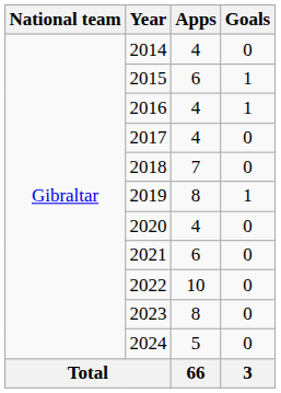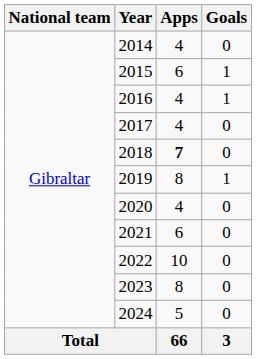 <table class="wikitable" style="text-align:center">
 <tr>
 <th>National team</th>
 <th>Year</th>
 <th>Apps</th>
 <th>Goals</th>
 </tr>
 <tr>
 <td rowspan="11"><a href='#'>Gibraltar</a></td>
 <td>2014</td>
 <td>4</td>
 <td>0</td>
 </tr>
 <tr>
 <td>2015</td>
 <td>6</td>
 <td>1</td>
 </tr>
 <tr>
 <td>2016</td>
 <td>4</td>
 <td>1</td>
 </tr>
 <tr>
 <td>2017</td>
 <td>4</td>
 <td>0</td>
 </tr>
 <tr>
 <td>2018</td>
-<td>7</td>
+<td><strong>7</strong></td>
 <td>0</td>
 </tr>
 <tr>
 <td>2019</td>
 <td>8</td>
 <td>1</td>
 </tr>
 <tr>
 <td>2020</td>
 <td>4</td>
 <td>0</td>
 </tr>
 <tr>
 <td>2021</td>
 <td>6</td>
 <td>0</td>
 </tr>
 <tr>
 <td>2022</td>
 <td>10</td>
 <td>0</td>
 </tr>
 <tr>
 <td>2023</td>
 <td>8</td>
 <td>0</td>
 </tr>
 <tr>
 <td>2024</td>
 <td>5</td>
 <td>0</td>
 </tr>
 <tr>
 <th colspan="2">Total</th>
 <th>66</th>
 <th>3</th>
 </tr>
 </table>
